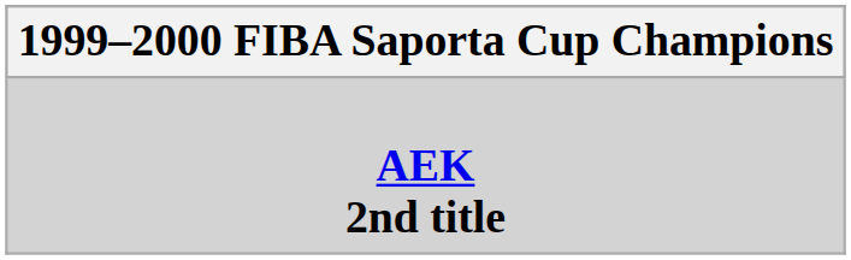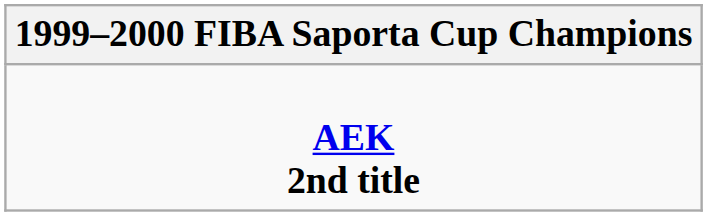 <table class=wikitable style="text-align:center; margin:auto">
 <tr>
 <th>1999–2000 FIBA Saporta Cup Champions</th>
 </tr>
 <tr>
-<td style="background: lightgrey;"><br> <strong><a href='#'>AEK</a></strong> <br> <strong>2nd title</strong></td>
+<td><br> <strong><a href='#'>AEK</a></strong> <br> <strong>2nd title</strong></td>
 </tr>
 </table>
